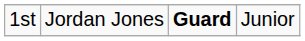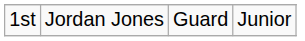 <table class="wikitable" border="1">
 <tr align=center>
 </tr>
 <tr>
 <td>1st</td>
 <td>Jordan Jones</td>
-<td><strong>Guard</strong></td>
+<td>Guard</td>
 <td>Junior</td>
 </tr>
 <tr>
 </tr>
 </table>
